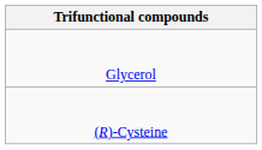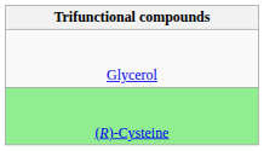 <table class="wikitable floatright" id="cxmwOw" style="text-align:center; font-size:90%" width="20%">
 <tr>
 <th>Trifunctional compounds</th>
 </tr>
 <tr>
 <td><br><br><a href='#'>Glycerol</a></td>
 </tr>
 <tr>
-<td><br><br><a href='#'>(<em>R</em>)-Cysteine</a></td>
+<td style="background: lightgreen;"><br><br><a href='#'>(<em>R</em>)-Cysteine</a></td>
 </tr>
 </table>
